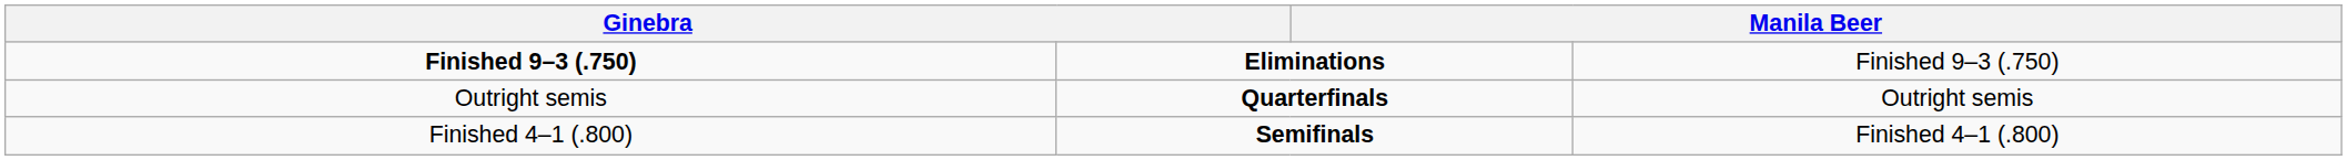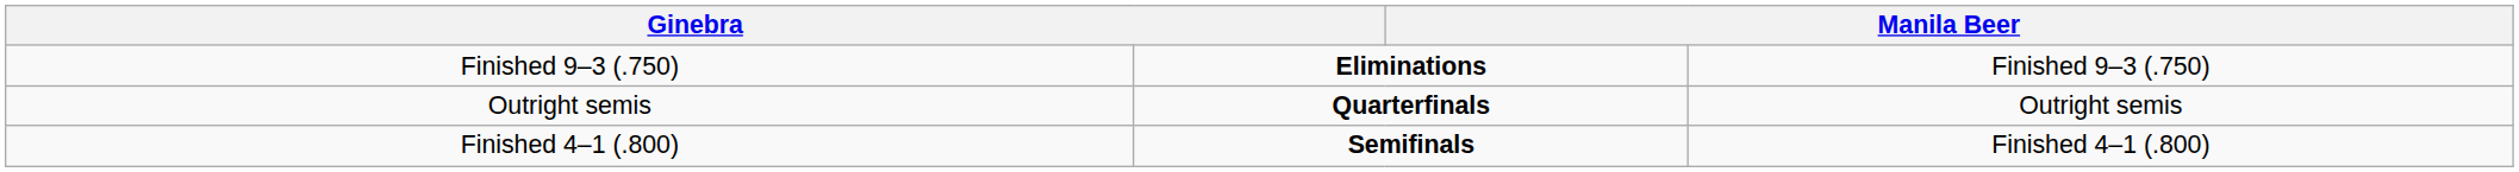 <table class="wikitable" style="width:100%;">
 <tr align=center>
 <th colspan="2" style="width:45%;"><a href='#'>Ginebra</a></th>
 <th colspan="2" style="width:45%;"><a href='#'>Manila Beer</a></th>
 </tr>
 <tr align=center>
-<td><strong>Finished 9–3 (.750)</strong></td>
+<td>Finished 9–3 (.750)</td>
 <td colspan=2><strong>Eliminations</strong></td>
 <td>Finished 9–3 (.750)</td>
 </tr>
 <tr align=center>
 <td>Outright semis</td>
 <td colspan=2><strong>Quarterfinals</strong></td>
 <td>Outright semis</td>
 </tr>
 <tr align=center>
 <td rowspan="2" style="width:45%;">Finished 4–1 (.800)</td>
 <td colspan=2><strong>Semifinals</strong></td>
 <td>Finished 4–1 (.800)</td>
 </tr>
 </table>
